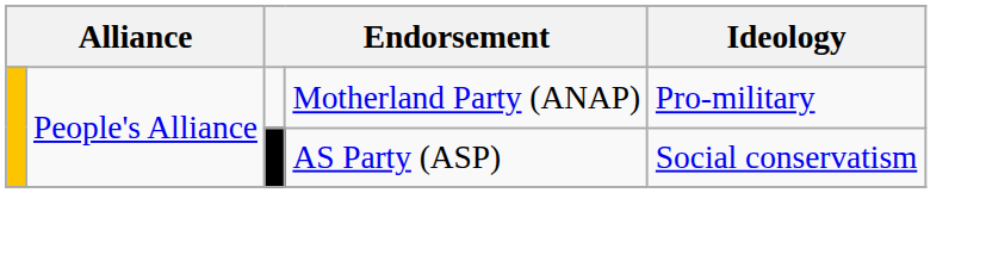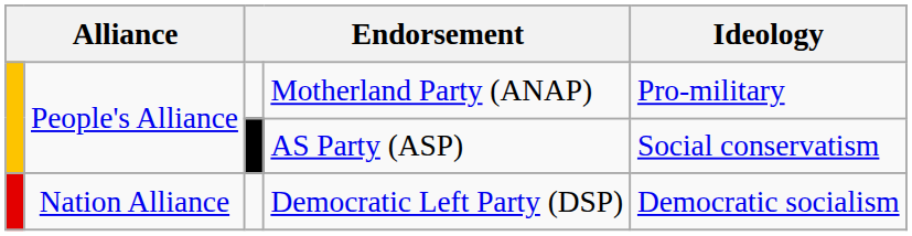 <table class="wikitable" style="text-align:left; font-size:90%; line-height:20px;">
 <tr>
 <th colspan="2">Alliance</th>
 <th colspan="2">Endorsement</th>
 <th>Ideology</th>
 </tr>
 <tr>
 <th rowspan=2 style="background:#fdc400; width:2px;"></th>
 <td rowspan="2" style="text-align:center;"><a href='#'>People's Alliance</a></td>
 <td style="background:"></td>
 <td><a href='#'>Motherland Party</a> (ANAP)</td>
 <td><a href='#'>Pro-military</a></td>
 </tr>
 <tr>
 <td style="background:#000; width:2px;"></td>
 <td><a href='#'>AS Party</a> (ASP)</td>
 <td><a href='#'>Social conservatism</a></td>
 </tr>
+<tr>
+<th style="background:#e30000; width:2px;"></th>
+<td style="text-align:center;"><a href='#'>Nation Alliance</a></td>
+<td style="background:"></td>
+<td><a href='#'>Democratic Left Party</a> (DSP)</td>
+<td><a href='#'>Democratic socialism</a></td>
+</tr>
 </table>
